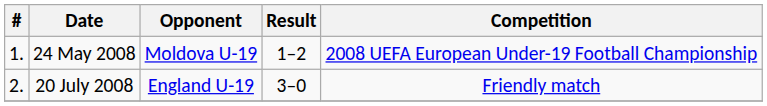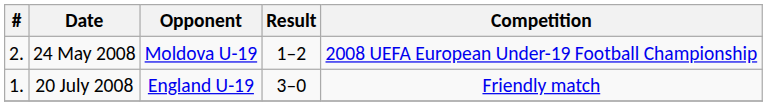 <table class="wikitable" style="text-align: center;font-family:calibri;">
 <tr>
 <th>#</th>
 <th>Date</th>
 <th>Opponent</th>
 <th>Result</th>
 <th>Competition</th>
 </tr>
 <tr>
-<td>1.</td>
+<td>2.</td>
 <td>24 May 2008</td>
 <td><a href='#'>Moldova U-19</a></td>
 <td>1–2</td>
 <td><a href='#'>2008 UEFA European Under-19 Football Championship</a></td>
 </tr>
 <tr>
-<td>2.</td>
+<td>1.</td>
 <td>20 July 2008</td>
 <td><a href='#'>England U-19</a></td>
 <td>3–0</td>
 <td><a href='#'>Friendly match</a></td>
 </tr>
 <tr>
 </tr>
 </table>
